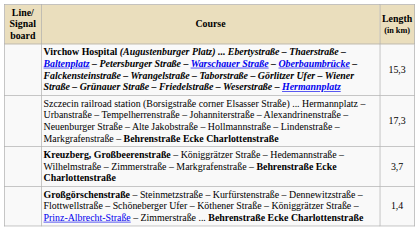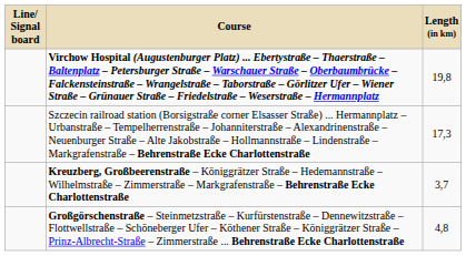 <table class="wikitable float-right" style="font-size:95%; text-align:center;" width="50%">
 <tr>
 <th style="background:#EADEBD;">Line/<br>Signal board</th>
 <th style="background:#EADEBD;">Course</th>
 <th style="background:#EADEBD;">Length<br><small>(in km)</small></th>
 </tr>
 <tr>
 <td></td>
 <td align="left"><strong>Virchow Hospital <em>(Augustenburger Platz)<strong><em> ... Ebertystraße – Thaerstraße – <a href='#'>Baltenplatz</a> – Petersburger Straße – <a href='#'>Warschauer Straße</a> – <a href='#'>Oberbaumbrücke</a> – Falckensteinstraße – Wrangelstraße – Taborstraße – Görlitzer Ufer – Wiener Straße – Grünauer Straße – Friedelstraße – Weserstraße – </strong><a href='#'>Hermannplatz</a><strong></td>
-<td>15,3</td>
+<td>19,8</td>
 </tr>
 <tr>
 <td></td>
 <td align="left"></strong>Szczecin railroad station </em>(Borsigstraße corner Elsasser Straße)</em></strong> ... Hermannplatz – Urbanstraße – Tempelherrenstraße – Johanniterstraße – Alexandrinenstraße – Neuenburger Straße – Alte Jakobstraße – Hollmannstraße – Lindenstraße – Markgrafenstraße – <strong>Behrenstraße Ecke Charlottenstraße</strong></td>
 <td>17,3</td>
 </tr>
 <tr>
 <td></td>
 <td align="left"><strong>Kreuzberg, Großbeerenstraße</strong> – Königgrätzer Straße – Hedemannstraße – Wilhelmstraße – Zimmerstraße – Markgrafenstraße – <strong>Behrenstraße Ecke Charlottenstraße</strong></td>
 <td>3,7</td>
 </tr>
 <tr>
 <td></td>
 <td align="left"><strong>Großgörschenstraße</strong> – Steinmetzstraße – Kurfürstenstraße – Dennewitzstraße – Flottwellstraße – Schöneberger Ufer – Köthener Straße – Königgrätzer Straße – <a href='#'>Prinz-Albrecht-Straße</a> – Zimmerstraße ... <strong>Behrenstraße Ecke Charlottenstraße</strong></td>
-<td>1,4</td>
+<td>4,8</td>
 </tr>
 </table>
